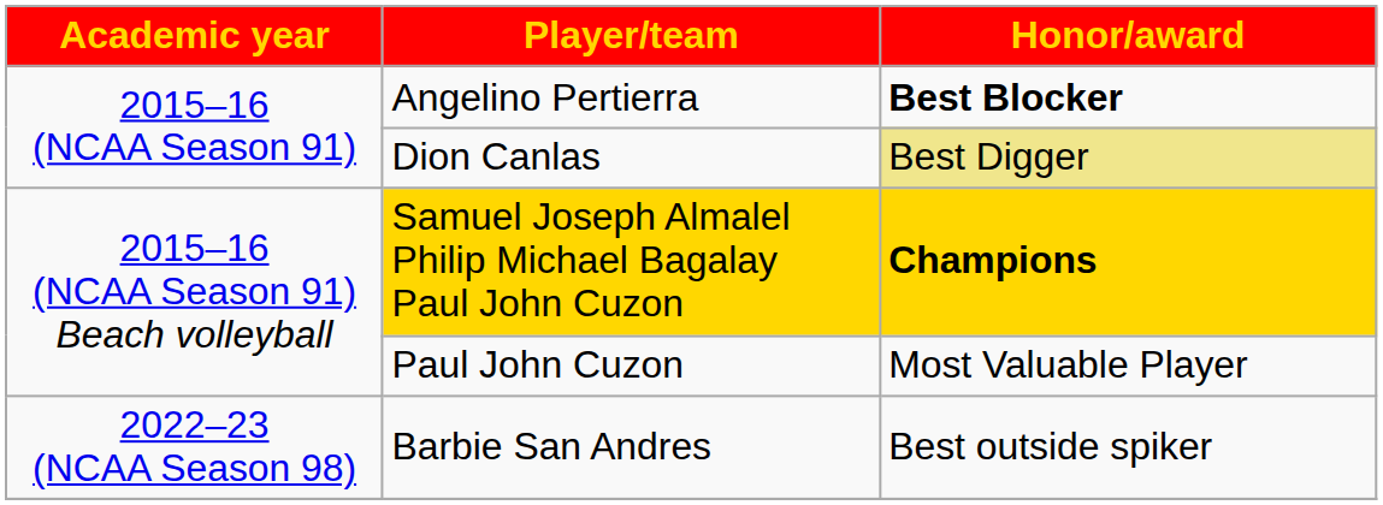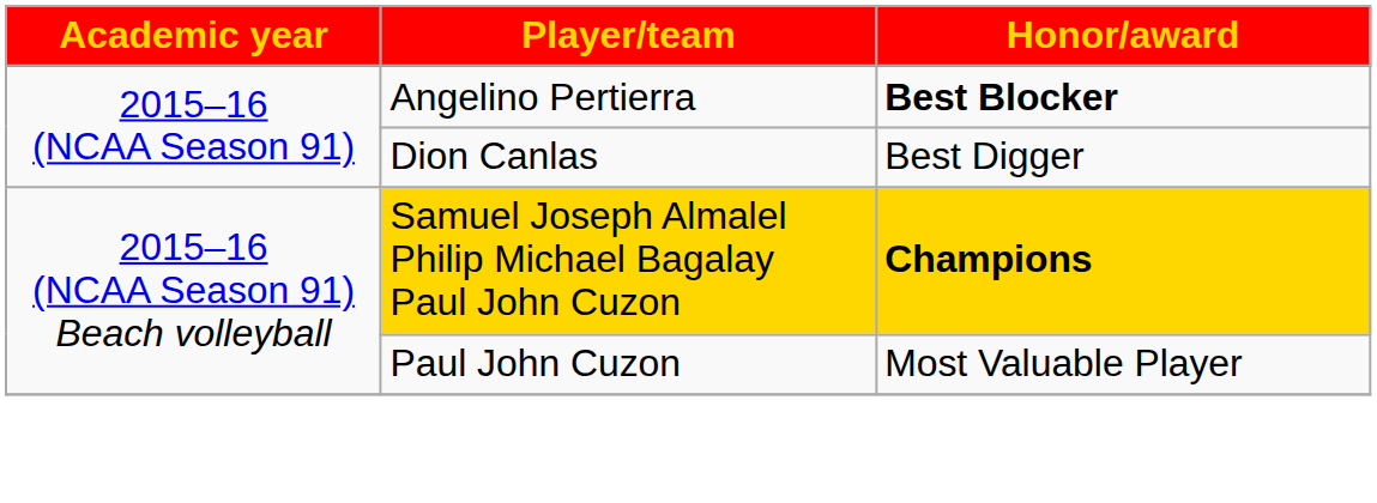 <table class="wikitable">
 <tr>
 <th style="width:150px; text-align:center; background: red; color: gold;">Academic year</th>
 <th style="width:200px; text-align:center; background: red; color: gold;">Player/team</th>
 <th style="width:200px; text-align:center; background: red; color: gold;">Honor/award</th>
 </tr>
 <tr>
 <td rowspan=2 align=center><a href='#'>2015–16<br>(NCAA Season 91)</a></td>
 <td>Angelino Pertierra</td>
 <td><strong>Best Blocker</strong></td>
 </tr>
 <tr>
 <td>Dion Canlas</td>
-<td style="background: khaki;">Best Digger</td>
+<td>Best Digger</td>
 </tr>
 <tr>
 <td rowspan=2 align=center><a href='#'>2015–16<br>(NCAA Season 91)</a><br><em>Beach volleyball</em></td>
 <td style="background:gold;">Samuel Joseph Almalel<br>Philip Michael Bagalay<br>Paul John Cuzon</td>
 <td style="background:gold;"><strong>Champions</strong></td>
 </tr>
 <tr>
 <td>Paul John Cuzon</td>
 <td>Most Valuable Player</td>
 </tr>
-<tr>
-<td align=center><a href='#'>2022–23<br>(NCAA Season 98)</a></td>
-<td>Barbie San Andres</td>
-<td>Best outside spiker</td>
-</tr>
 <tr align=center>
 </tr>
 </table>
